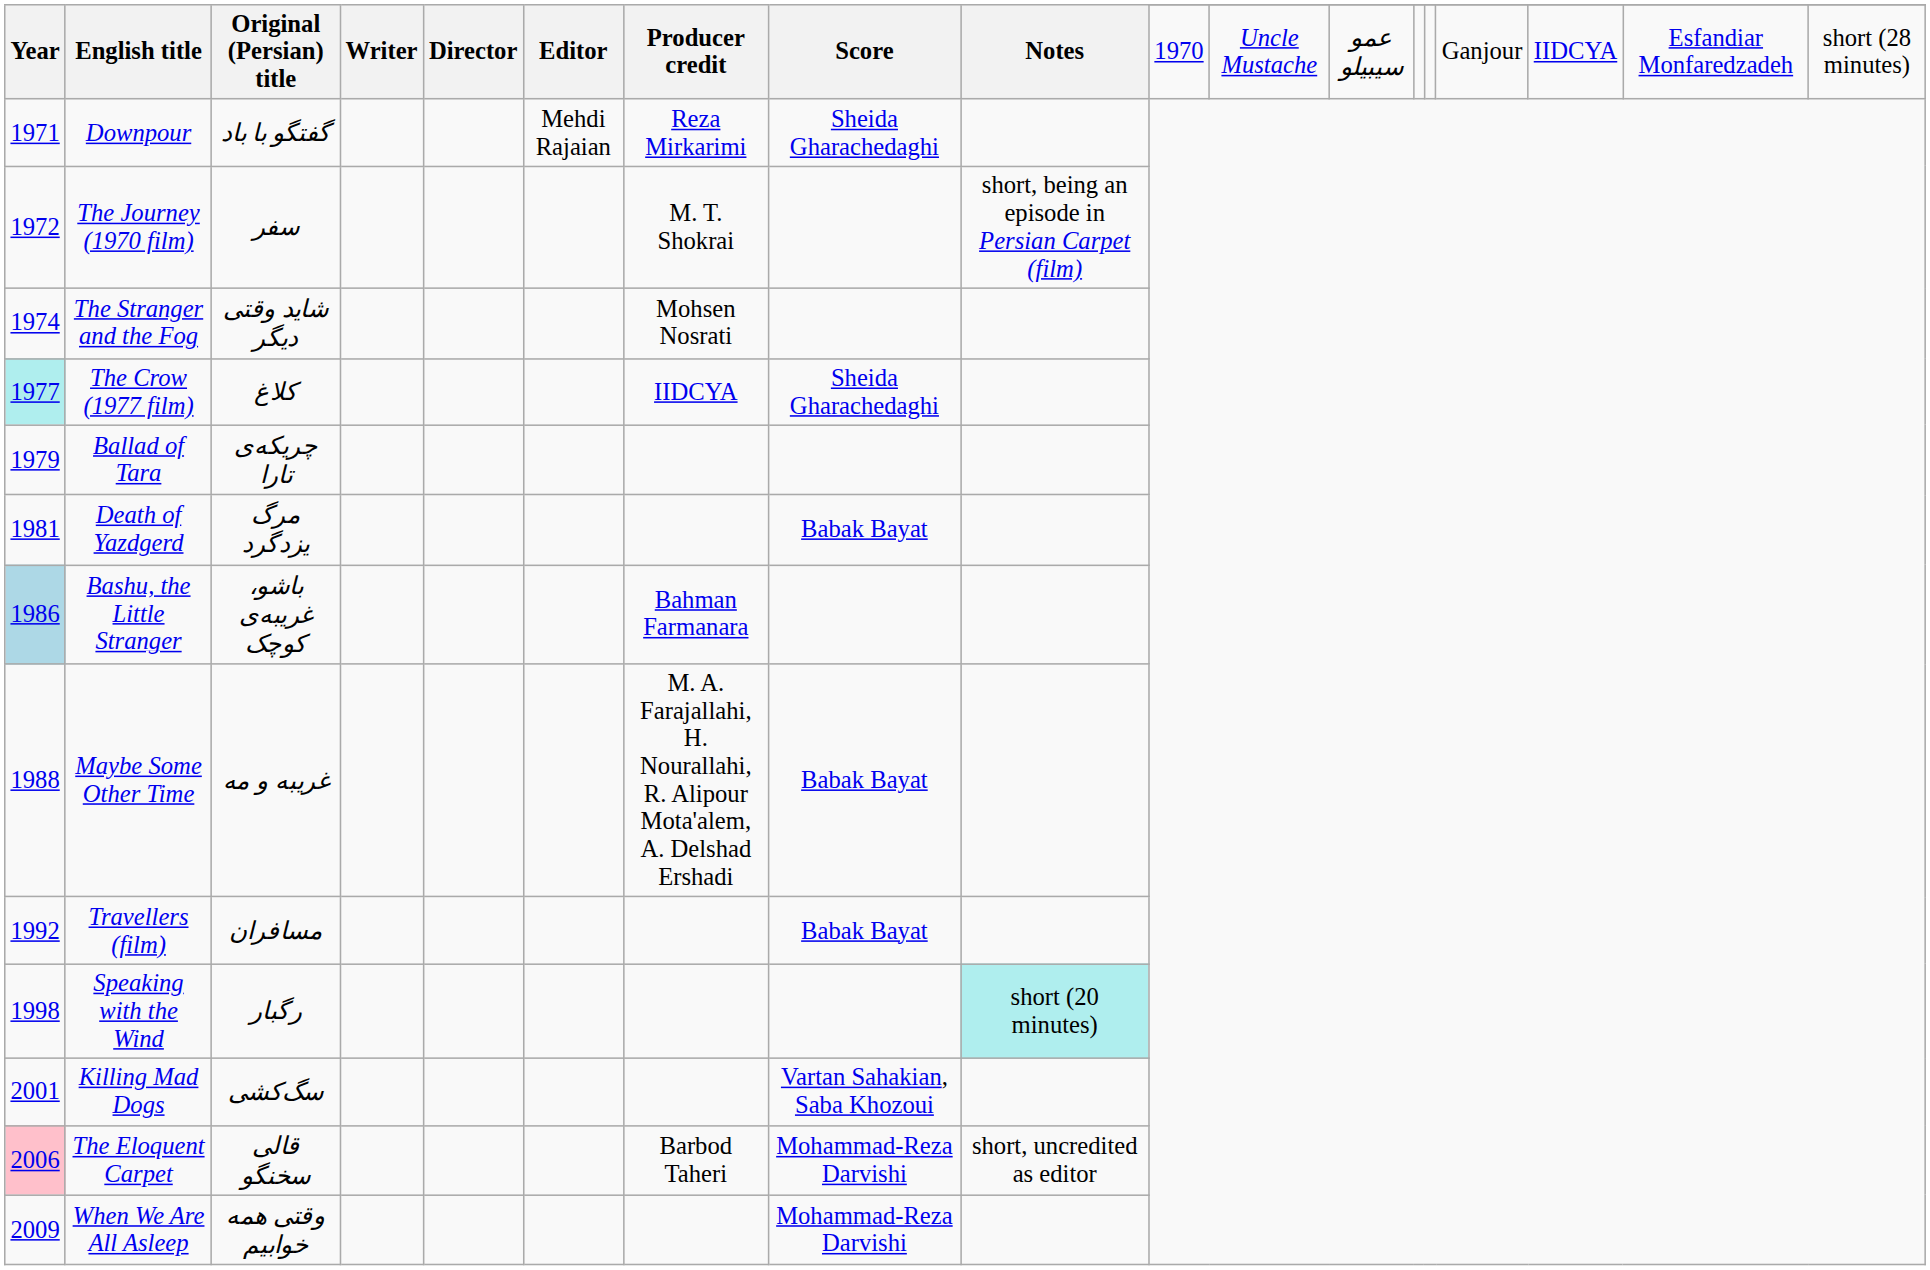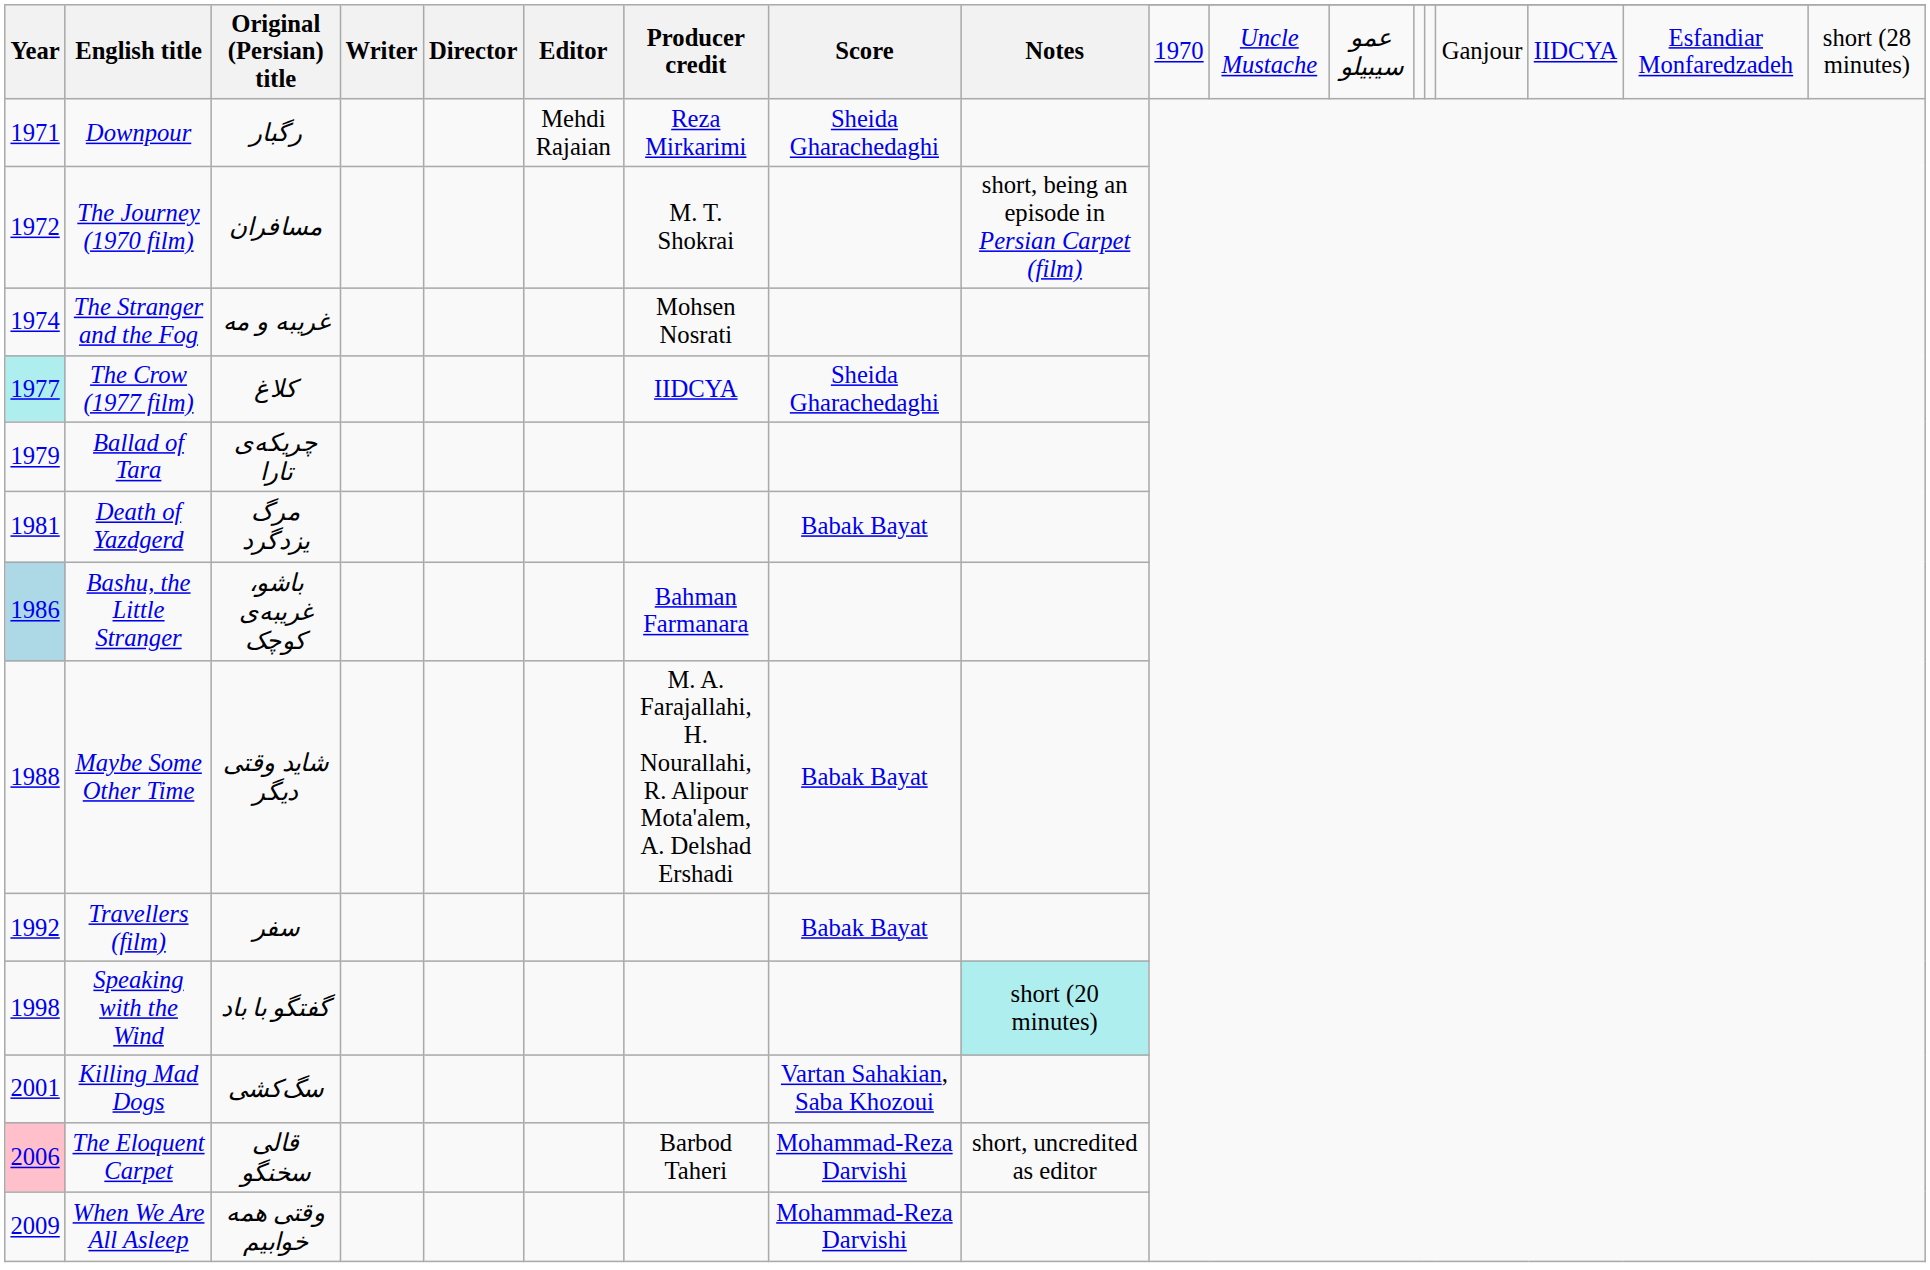 <table class="wikitable sortable" style="text-align:center">
 <tr>
 <th rowspan="2">Year</th>
 <th rowspan="2">English title</th>
 <th rowspan="2">Original (Persian) <br> title</th>
 <th rowspan="2">Writer</th>
 <th rowspan="2">Director</th>
 <th rowspan="2">Editor</th>
 <th rowspan="2">Producer credit</th>
 <th rowspan="2">Score</th>
 <th rowspan="2">Notes</th>
 </tr>
 <tr>
 <td><a href='#'>1970</a></td>
 <td><em><a href='#'>Uncle Mustache</a></em></td>
 <td><em>عمو سیبیلو</em></td>
 <td></td>
 <td></td>
 <td>Ganjour</td>
 <td><a href='#'>IIDCYA</a></td>
 <td><a href='#'>Esfandiar Monfaredzadeh</a></td>
 <td>short (28 minutes)</td>
 </tr>
 <tr>
 <td><a href='#'>1971</a></td>
 <td><em><a href='#'>Downpour</a></em></td>
-<td><em>گفتگو با باد</em></td>
+<td><em>رگبار</em></td>
 <td></td>
 <td></td>
 <td>Mehdi Rajaian</td>
 <td><a href='#'>Reza Mirkarimi</a></td>
 <td><a href='#'>Sheida Gharachedaghi</a></td>
 <td></td>
 </tr>
 <tr>
 <td><a href='#'>1972</a></td>
 <td><em><a href='#'>The Journey (1970 film)</a></em></td>
-<td><em>سفر</em></td>
+<td><em>مسافران</em></td>
 <td></td>
 <td></td>
 <td></td>
 <td>M. T. Shokrai</td>
 <td></td>
 <td>short, being an episode in <em><a href='#'>Persian Carpet (film)</a></em></td>
 </tr>
 <tr>
 <td><a href='#'>1974</a></td>
 <td><em><a href='#'>The Stranger and the Fog</a></em></td>
-<td><em>شاید وقتی دیگر</em></td>
+<td><em>غریبه و مه</em></td>
 <td></td>
 <td></td>
 <td></td>
 <td>Mohsen Nosrati</td>
 <td></td>
 <td></td>
 </tr>
 <tr>
 <td style="background: paleturquoise;"><a href='#'>1977</a></td>
 <td><em><a href='#'>The Crow (1977 film)</a></em></td>
 <td><em>کلاغ</em></td>
 <td></td>
 <td></td>
 <td></td>
 <td><a href='#'>IIDCYA</a></td>
 <td><a href='#'>Sheida Gharachedaghi</a></td>
 <td></td>
 </tr>
 <tr>
 <td><a href='#'>1979</a></td>
 <td><em><a href='#'>Ballad of Tara</a></em></td>
 <td><em>چریکه‌ی تارا</em></td>
 <td></td>
 <td></td>
 <td></td>
 <td></td>
 <td></td>
 <td></td>
 </tr>
 <tr>
 <td><a href='#'>1981</a></td>
 <td><em><a href='#'>Death of Yazdgerd</a></em></td>
 <td><em>مرگ یزدگرد</em></td>
 <td></td>
 <td></td>
 <td></td>
 <td></td>
 <td><a href='#'>Babak Bayat</a></td>
 <td></td>
 </tr>
 <tr>
 <td style="background: lightblue;"><a href='#'>1986</a></td>
 <td><em><a href='#'>Bashu, the Little Stranger</a></em></td>
 <td><em>باشو، غریبه‌ی کوچک</em></td>
 <td></td>
 <td></td>
 <td></td>
 <td><a href='#'>Bahman Farmanara</a></td>
 <td></td>
 <td></td>
 </tr>
 <tr>
 <td><a href='#'>1988</a></td>
 <td><em><a href='#'>Maybe Some Other Time</a></em></td>
-<td><em>غریبه و مه</em></td>
+<td><em>شاید وقتی دیگر</em></td>
 <td></td>
 <td></td>
 <td></td>
 <td>M. A. Farajallahi, <br> H. Nourallahi, <br> R. Alipour Mota'alem, <br> A. Delshad Ershadi</td>
 <td><a href='#'>Babak Bayat</a></td>
 <td></td>
 </tr>
 <tr>
 <td><a href='#'>1992</a></td>
 <td><em><a href='#'>Travellers (film)</a></em></td>
-<td><em>مسافران</em></td>
+<td><em>سفر</em></td>
 <td></td>
 <td></td>
 <td></td>
 <td></td>
 <td><a href='#'>Babak Bayat</a></td>
 <td></td>
 </tr>
 <tr>
 <td><a href='#'>1998</a></td>
 <td><em><a href='#'>Speaking with the Wind</a></em></td>
-<td><em>رگبار</em></td>
+<td><em>گفتگو با باد</em></td>
 <td></td>
 <td></td>
 <td></td>
 <td></td>
 <td></td>
 <td style="background: paleturquoise;">short (20 minutes)</td>
 </tr>
 <tr>
 <td><a href='#'>2001</a></td>
 <td><em><a href='#'>Killing Mad Dogs</a></em></td>
 <td><em>سگ‌کشی</em></td>
 <td></td>
 <td></td>
 <td></td>
 <td></td>
 <td><a href='#'>Vartan Sahakian</a>, <a href='#'>Saba Khozoui</a></td>
 <td></td>
 </tr>
 <tr>
 <td style="background: pink;"><a href='#'>2006</a></td>
 <td><em><a href='#'>The Eloquent Carpet</a></em></td>
 <td><em>قالی سخنگو</em></td>
 <td></td>
 <td></td>
 <td></td>
 <td>Barbod Taheri</td>
 <td><a href='#'>Mohammad-Reza Darvishi</a></td>
 <td>short, uncredited as editor</td>
 </tr>
 <tr>
 <td><a href='#'>2009</a></td>
 <td><em><a href='#'>When We Are All Asleep</a></em></td>
 <td><em>وقتی همه خوابیم</em></td>
 <td></td>
 <td></td>
 <td></td>
 <td></td>
 <td><a href='#'>Mohammad-Reza Darvishi</a></td>
 <td></td>
 </tr>
 </table>
